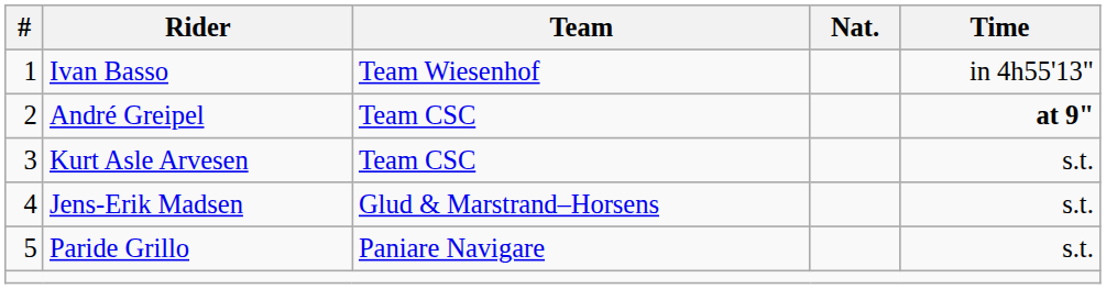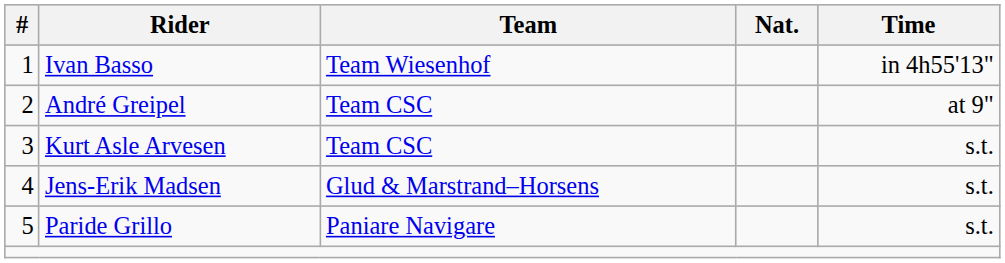 <table class=wikitable style="font-size:95%" width="70%">
 <tr>
 <th align=right>#</th>
 <th>Rider</th>
 <th>Team</th>
 <th>Nat.</th>
 <th align=right>Time</th>
 </tr>
 <tr>
 <td align=right>1</td>
 <td><a href='#'>Ivan Basso</a></td>
 <td><a href='#'>Team Wiesenhof</a></td>
 <td></td>
 <td align=right>in 4h55'13"</td>
 </tr>
 <tr>
 <td align=right>2</td>
 <td><a href='#'>André Greipel</a></td>
 <td><a href='#'>Team CSC</a></td>
 <td></td>
-<td align=right><strong>at 9"</strong></td>
+<td align=right>at 9"</td>
 </tr>
 <tr>
 <td align=right>3</td>
 <td><a href='#'>Kurt Asle Arvesen</a></td>
 <td><a href='#'>Team CSC</a></td>
 <td></td>
 <td align=right>s.t.</td>
 </tr>
 <tr>
 <td align=right>4</td>
 <td><a href='#'>Jens-Erik Madsen</a></td>
 <td><a href='#'>Glud & Marstrand–Horsens</a></td>
 <td></td>
 <td align=right>s.t.</td>
 </tr>
 <tr>
 <td align=right>5</td>
 <td><a href='#'>Paride Grillo</a></td>
 <td><a href='#'>Paniare Navigare</a></td>
 <td></td>
 <td align=right>s.t.</td>
 </tr>
 <tr>
 <td align=right colspan=5></td>
 </tr>
 </table>
